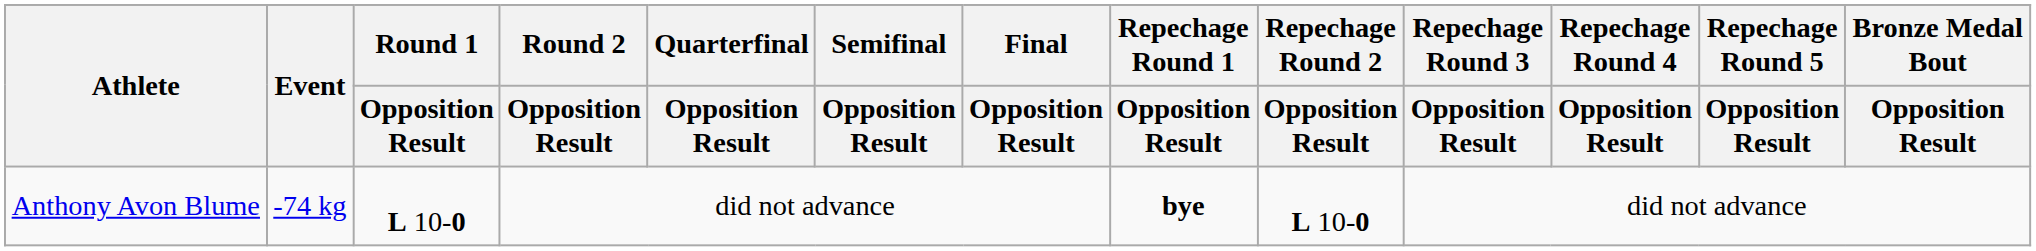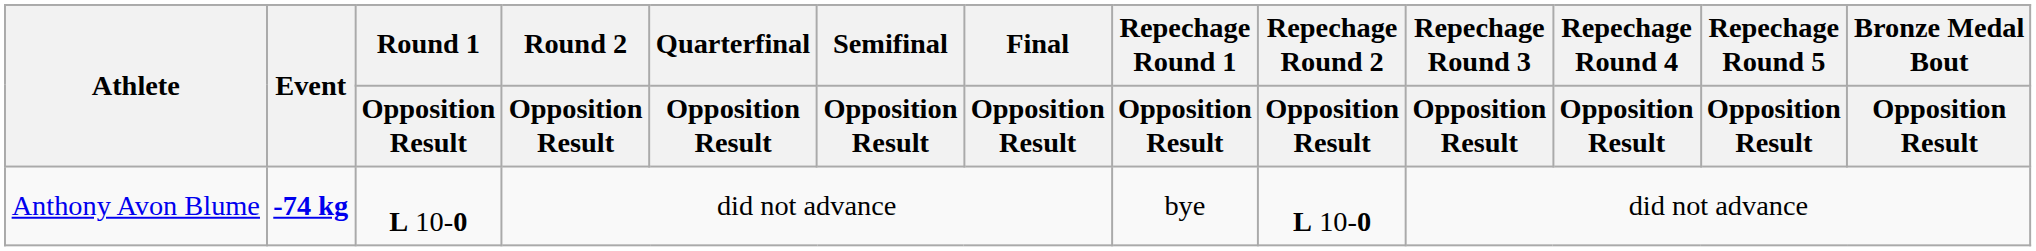 <table class=wikitable style=font-size:90%>
 <tr>
 <th rowspan=2>Athlete</th>
 <th rowspan=2>Event</th>
 <th>Round 1</th>
 <th>Round 2</th>
 <th>Quarterfinal</th>
 <th>Semifinal</th>
 <th>Final</th>
 <th>Repechage<br>Round 1</th>
 <th>Repechage<br>Round 2</th>
 <th>Repechage<br>Round 3</th>
 <th>Repechage<br>Round 4</th>
 <th>Repechage<br>Round 5</th>
 <th>Bronze Medal<br>Bout</th>
 </tr>
 <tr>
 <th>Opposition<br>Result</th>
 <th>Opposition<br>Result</th>
 <th>Opposition<br>Result</th>
 <th>Opposition<br>Result</th>
 <th>Opposition<br>Result</th>
 <th>Opposition<br>Result</th>
 <th>Opposition<br>Result</th>
 <th>Opposition<br>Result</th>
 <th>Opposition<br>Result</th>
 <th>Opposition<br>Result</th>
 <th>Opposition<br>Result</th>
 </tr>
 <tr>
 <td><a href='#'>Anthony Avon Blume</a></td>
-<td><a href='#'>-74 kg</a></td>
+<td><strong><a href='#'>-74 kg</a></strong></td>
 <td align=center><br><strong>L</strong> 10-<strong>0</strong></td>
 <td align=center colspan=4>did not advance</td>
-<td align=center><strong>bye</strong></td>
+<td align=center>bye</td>
 <td align=center><br><strong>L</strong> 10-<strong>0</strong></td>
 <td align=center colspan=4>did not advance</td>
 </tr>
 </table>
